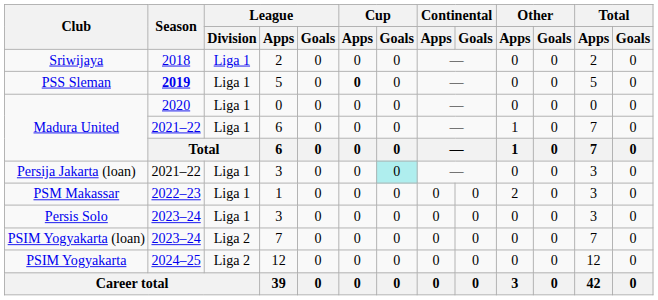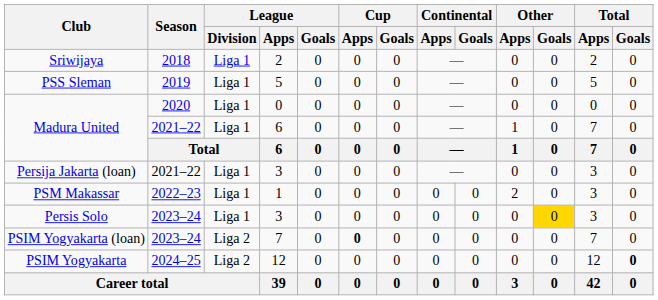 <table class="wikitable" style="text-align:center">
 <tr>
 <th rowspan="2">Club</th>
 <th rowspan="2">Season</th>
 <th colspan="3">League</th>
 <th colspan="2">Cup</th>
 <th colspan="2">Continental</th>
 <th colspan="2">Other</th>
 <th colspan="2">Total</th>
 </tr>
 <tr>
 <th>Division</th>
 <th>Apps</th>
 <th>Goals</th>
 <th>Apps</th>
 <th>Goals</th>
 <th>Apps</th>
 <th>Goals</th>
 <th>Apps</th>
 <th>Goals</th>
 <th>Apps</th>
 <th>Goals</th>
 </tr>
 <tr>
 <td><a href='#'>Sriwijaya</a></td>
 <td><a href='#'>2018</a></td>
 <td><a href='#'>Liga 1</a></td>
 <td>2</td>
 <td>0</td>
 <td>0</td>
 <td>0</td>
 <td colspan=2>—</td>
 <td>0</td>
 <td>0</td>
 <td>2</td>
 <td>0</td>
 </tr>
 <tr>
 <td rowspan="1" valign="center"><a href='#'>PSS Sleman</a></td>
-<td><strong><a href='#'>2019</a></strong></td>
+<td><a href='#'>2019</a></td>
 <td>Liga 1</td>
 <td>5</td>
 <td>0</td>
-<td><strong>0</strong></td>
+<td>0</td>
 <td>0</td>
 <td colspan=2>—</td>
 <td>0</td>
 <td>0</td>
 <td>5</td>
 <td>0</td>
 </tr>
 <tr>
 <td rowspan="3" valign="center"><a href='#'>Madura United</a></td>
 <td><a href='#'>2020</a></td>
 <td>Liga 1</td>
 <td>0</td>
 <td>0</td>
 <td>0</td>
 <td>0</td>
 <td colspan=2>—</td>
 <td>0</td>
 <td>0</td>
 <td>0</td>
 <td>0</td>
 </tr>
 <tr>
 <td><a href='#'>2021–22</a></td>
 <td>Liga 1</td>
 <td>6</td>
 <td>0</td>
 <td>0</td>
 <td>0</td>
 <td colspan=2>—</td>
 <td>1</td>
 <td>0</td>
 <td>7</td>
 <td>0</td>
 </tr>
 <tr>
 <th colspan="2">Total</th>
 <th>6</th>
 <th>0</th>
 <th>0</th>
 <th>0</th>
 <th colspan=2>—</th>
 <th>1</th>
 <th>0</th>
 <th>7</th>
 <th>0</th>
 </tr>
 <tr>
 <td><a href='#'>Persija Jakarta</a> (loan)</td>
 <td>2021–22</td>
 <td>Liga 1</td>
 <td>3</td>
 <td>0</td>
 <td>0</td>
-<td style="background: paleturquoise;">0</td>
+<td>0</td>
 <td colspan=2>—</td>
 <td>0</td>
 <td>0</td>
 <td>3</td>
 <td>0</td>
 </tr>
 <tr>
 <td><a href='#'>PSM Makassar</a></td>
 <td><a href='#'>2022–23</a></td>
 <td>Liga 1</td>
 <td>1</td>
 <td>0</td>
 <td>0</td>
 <td>0</td>
 <td>0</td>
 <td>0</td>
 <td>2</td>
 <td>0</td>
 <td>3</td>
 <td>0</td>
 </tr>
 <tr>
 <td><a href='#'>Persis Solo</a></td>
 <td><a href='#'>2023–24</a></td>
 <td>Liga 1</td>
 <td>3</td>
 <td>0</td>
 <td>0</td>
 <td>0</td>
 <td>0</td>
 <td>0</td>
 <td>0</td>
-<td>0</td>
+<td style="background: gold;">0</td>
 <td>3</td>
 <td>0</td>
 </tr>
 <tr>
 <td><a href='#'>PSIM Yogyakarta</a> (loan)</td>
 <td><a href='#'>2023–24</a></td>
 <td>Liga 2</td>
 <td>7</td>
 <td>0</td>
-<td>0</td>
+<td><strong>0</strong></td>
 <td>0</td>
 <td>0</td>
 <td>0</td>
 <td>0</td>
 <td>0</td>
 <td>7</td>
 <td>0</td>
 </tr>
 <tr>
 <td><a href='#'>PSIM Yogyakarta</a></td>
 <td><a href='#'>2024–25</a></td>
 <td>Liga 2</td>
 <td>12</td>
 <td>0</td>
 <td>0</td>
 <td>0</td>
 <td>0</td>
 <td>0</td>
 <td>0</td>
 <td>0</td>
 <td>12</td>
-<td>0</td>
+<td><strong>0</strong></td>
 </tr>
 <tr>
 <th colspan="3">Career total</th>
 <th>39</th>
 <th>0</th>
 <th>0</th>
 <th>0</th>
 <th>0</th>
 <th>0</th>
 <th>3</th>
 <th>0</th>
 <th>42</th>
 <th>0</th>
 </tr>
 </table>
